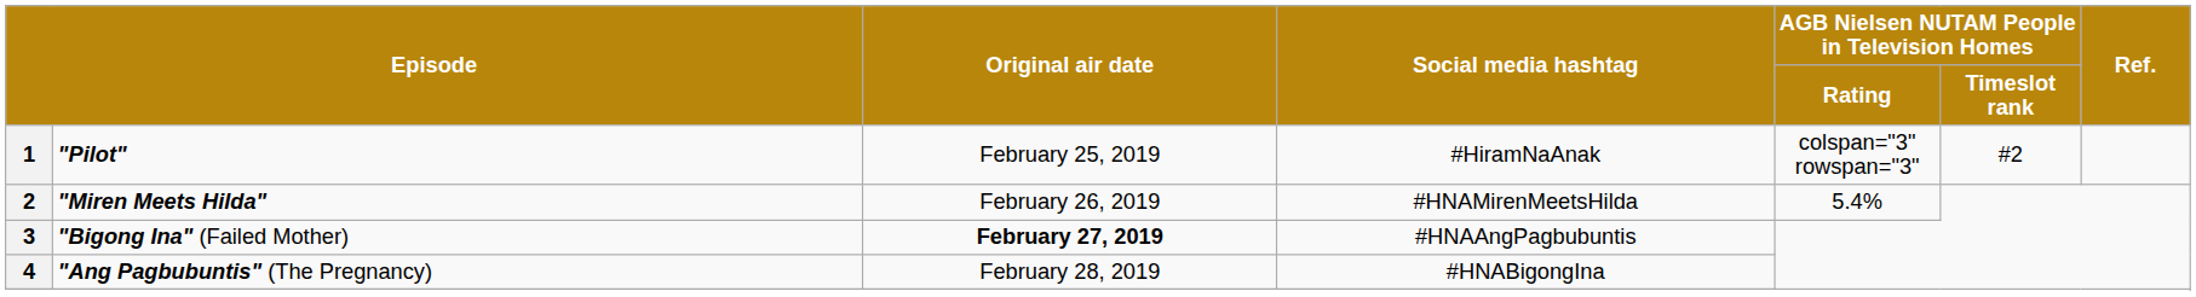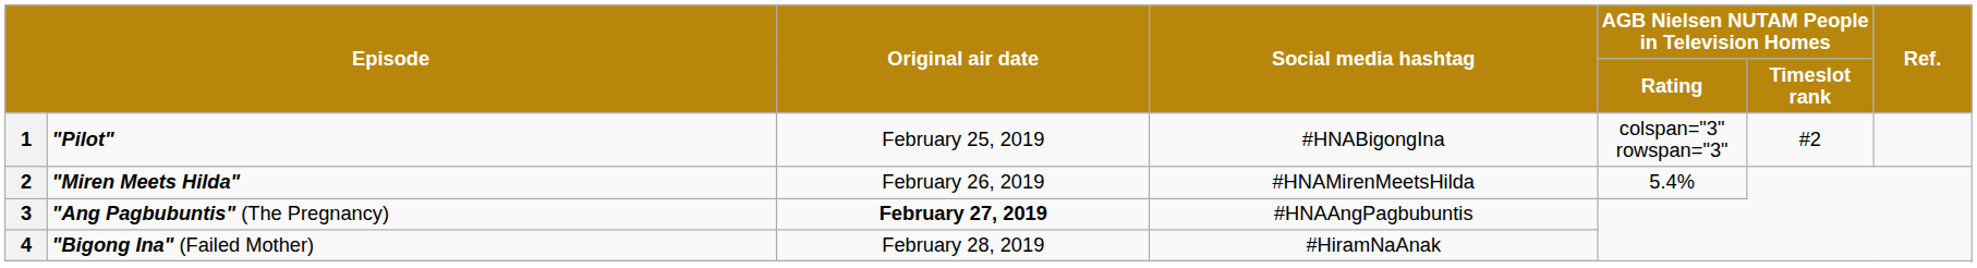 <table class="wikitable" style="text-align:center; font-size:100%; line-height:18px;" width="100%">
 <tr>
 <th style="background-color:#B8860B; color:#ffffff;" colspan="2" rowspan="2">Episode</th>
 <th style="background-color:#B8860B; color:white" rowspan="2">Original air date</th>
 <th style="background-color:#B8860B; color:white" rowspan="2">Social media hashtag</th>
 <th style="background-color:#B8860B; color:#ffffff;" colspan="2">AGB Nielsen NUTAM People in Television Homes</th>
 <th style="background-color:#B8860B;  color:#ffffff;" rowspan="2">Ref.</th>
 </tr>
 <tr>
 <th style="background-color:#B8860B; width:75px; color:#ffffff;">Rating</th>
 <th style="background-color:#B8860B;  width:75px; color:#ffffff;">Timeslot<br>rank</th>
 </tr>
 <tr>
 <th>1</th>
 <td style="text-align: left;"><strong><em>"Pilot"</em></strong></td>
 <td>February 25, 2019</td>
-<td>#HiramNaAnak</td>
+<td>#HNABigongIna</td>
 <td>colspan="3" rowspan="3" </td>
 <td>#2</td>
 <td></td>
 </tr>
 <tr>
 <th>2</th>
 <td style="text-align: left;"><strong><em>"Miren Meets Hilda"</em></strong></td>
 <td>February 26, 2019</td>
 <td>#HNAMirenMeetsHilda</td>
 <td>5.4%</td>
 </tr>
 <tr>
 <th>3</th>
-<td style="text-align: left;"><strong><em>"Bigong Ina"</em></strong> (Failed Mother)</td>
+<td style="text-align: left;"><strong><em>"Ang Pagbubuntis"</em></strong> (The Pregnancy)</td>
 <td><strong>February 27, 2019</strong></td>
 <td>#HNAAngPagbubuntis</td>
 </tr>
 <tr>
 <th>4</th>
-<td style="text-align: left;"><strong><em>"Ang Pagbubuntis"</em></strong> (The Pregnancy)</td>
+<td style="text-align: left;"><strong><em>"Bigong Ina"</em></strong> (Failed Mother)</td>
 <td>February 28, 2019</td>
-<td>#HNABigongIna</td>
+<td>#HiramNaAnak</td>
 </tr>
 <tr>
 </tr>
 </table>
